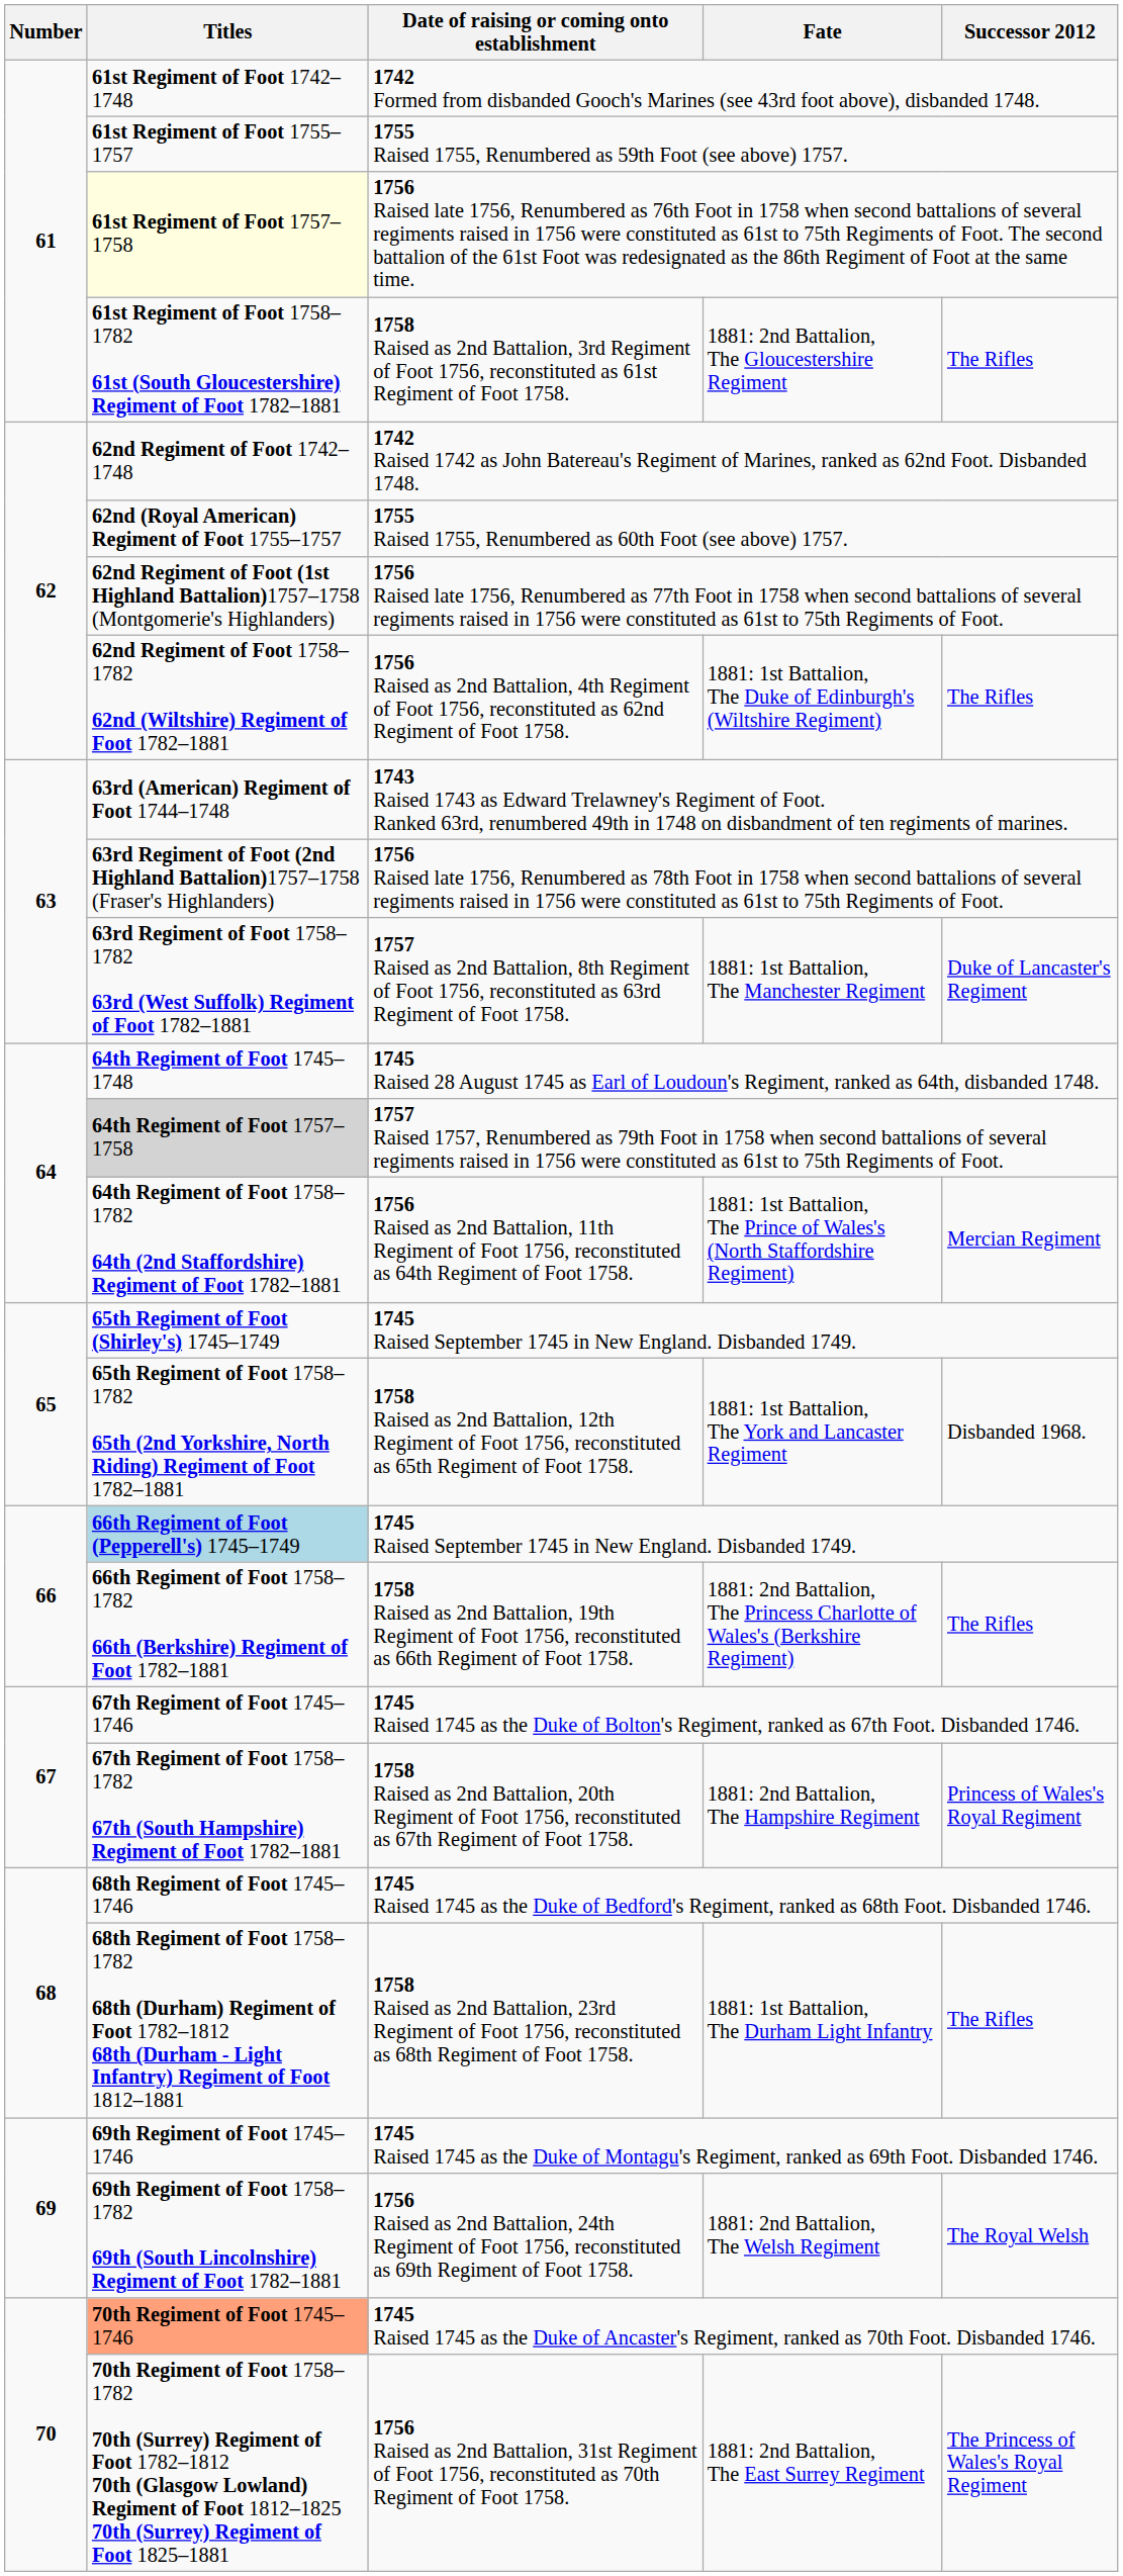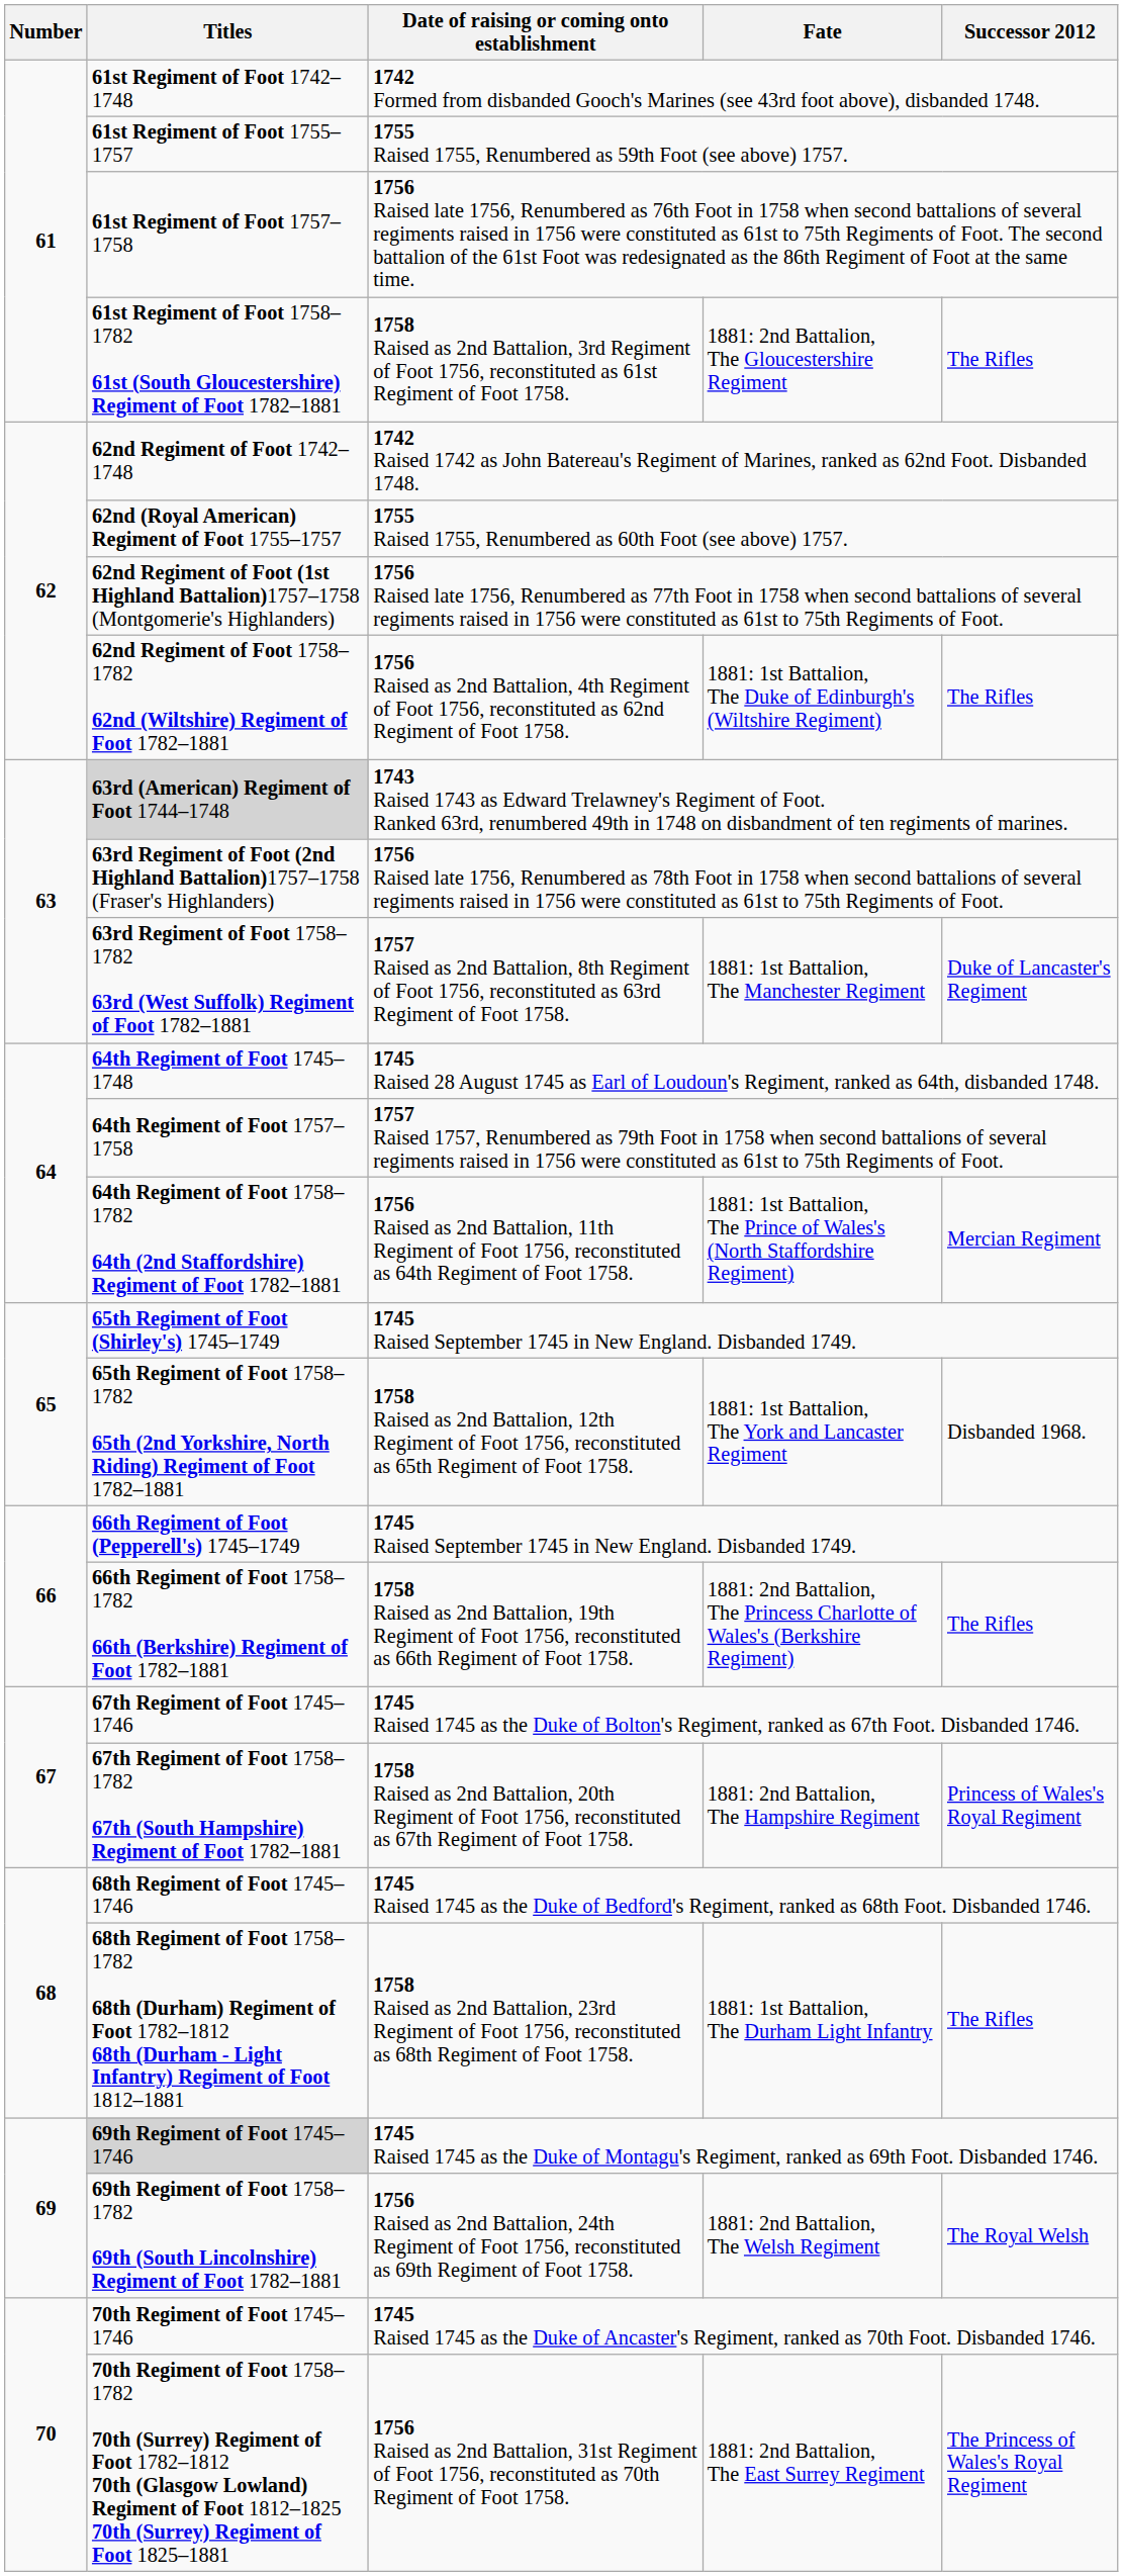 <table class="wikitable">
 <tr>
 <th>Number</th>
 <th>Titles</th>
 <th>Date of raising or coming onto establishment</th>
 <th>Fate</th>
 <th>Successor 2012</th>
 </tr>
 <tr>
 <td align=center valign=middle rowspan="4"><strong>61</strong></td>
 <td><strong>61st Regiment of Foot</strong> 1742–1748</td>
 <td colspan="3"><strong>1742</strong><br>Formed from disbanded Gooch's Marines (see 43rd foot above), disbanded 1748.</td>
 </tr>
 <tr>
 <td><strong>61st Regiment of Foot</strong> 1755–1757</td>
 <td colspan="3"><strong>1755</strong><br>Raised 1755, Renumbered as 59th Foot (see above) 1757.</td>
 </tr>
 <tr>
-<td style="background: lightyellow;"><strong>61st Regiment of Foot</strong> 1757–1758</td>
+<td><strong>61st Regiment of Foot</strong> 1757–1758</td>
 <td colspan="3"><strong>1756</strong><br>Raised late 1756, Renumbered as 76th Foot in 1758 when second battalions of several regiments raised in 1756 were constituted as 61st to 75th Regiments of Foot. The second battalion of the 61st Foot was redesignated as the 86th Regiment of Foot at the same time.</td>
 </tr>
 <tr>
 <td><strong>61st Regiment of Foot</strong> 1758–1782<br><br><strong><a href='#'>61st (South Gloucestershire) Regiment of Foot</a></strong> 1782–1881</td>
 <td><strong>1758</strong><br>Raised as 2nd Battalion, 3rd Regiment of Foot 1756, reconstituted as 61st Regiment of Foot 1758.</td>
 <td>1881: 2nd Battalion,<br>The <a href='#'>Gloucestershire Regiment</a></td>
 <td><a href='#'>The Rifles</a></td>
 </tr>
 <tr>
 <td align=center valign=middle rowspan="4"><strong>62</strong></td>
 <td><strong>62nd Regiment of Foot</strong> 1742–1748</td>
 <td colspan="3"><strong>1742</strong><br>Raised 1742 as John Batereau's Regiment of Marines, ranked as 62nd Foot. Disbanded 1748.</td>
 </tr>
 <tr>
 <td><strong>62nd (Royal American) Regiment of Foot</strong> 1755–1757</td>
 <td colspan="3"><strong>1755</strong><br>Raised 1755, Renumbered as 60th Foot (see above) 1757.</td>
 </tr>
 <tr>
 <td><strong>62nd Regiment of Foot (1st Highland Battalion)</strong>1757–1758 (Montgomerie's Highlanders)</td>
 <td colspan="3"><strong>1756</strong><br>Raised late 1756, Renumbered as 77th Foot in 1758 when second battalions of several regiments raised in 1756 were constituted as 61st to 75th Regiments of Foot.</td>
 </tr>
 <tr>
 <td><strong>62nd Regiment of Foot</strong> 1758–1782<br><br><strong><a href='#'>62nd (Wiltshire) Regiment of Foot</a></strong> 1782–1881</td>
 <td><strong>1756</strong><br>Raised as 2nd Battalion, 4th Regiment of Foot 1756, reconstituted as 62nd Regiment of Foot 1758.</td>
 <td>1881: 1st Battalion,<br>The <a href='#'>Duke of Edinburgh's (Wiltshire Regiment)</a></td>
 <td><a href='#'>The Rifles</a></td>
 </tr>
 <tr>
 <td align=center valign=middle rowspan="3"><strong>63</strong></td>
-<td><strong>63rd (American) Regiment of Foot</strong> 1744–1748</td>
+<td style="background: lightgrey;"><strong>63rd (American) Regiment of Foot</strong> 1744–1748</td>
 <td colspan="3"><strong>1743</strong><br>Raised 1743 as Edward Trelawney's Regiment of Foot.<br> Ranked 63rd, renumbered 49th in 1748 on disbandment of ten regiments of marines.</td>
 </tr>
 <tr>
 <td><strong>63rd Regiment of Foot (2nd Highland Battalion)</strong>1757–1758 (Fraser's Highlanders)</td>
 <td colspan="3"><strong>1756</strong><br>Raised late 1756, Renumbered as 78th Foot in 1758 when second battalions of several regiments raised in 1756 were constituted as 61st to 75th Regiments of Foot.</td>
 </tr>
 <tr>
 <td><strong>63rd Regiment of Foot</strong> 1758–1782<br><br><strong><a href='#'>63rd (West Suffolk) Regiment of Foot</a></strong> 1782–1881<br></td>
 <td><strong>1757</strong><br>Raised as 2nd Battalion, 8th Regiment of Foot 1756, reconstituted as 63rd Regiment of Foot 1758.</td>
 <td>1881: 1st Battalion,<br>The <a href='#'>Manchester Regiment</a></td>
 <td><a href='#'>Duke of Lancaster's Regiment</a></td>
 </tr>
 <tr>
 <td align=center valign=middle rowspan="3"><strong>64</strong></td>
 <td><strong><a href='#'>64th Regiment of Foot</a></strong> 1745–1748</td>
 <td colspan="3"><strong>1745</strong><br>Raised 28 August 1745 as <a href='#'>Earl of Loudoun</a>'s Regiment, ranked as 64th, disbanded 1748.</td>
 </tr>
 <tr>
-<td style="background: lightgrey;"><strong>64th Regiment of Foot</strong> 1757–1758</td>
+<td><strong>64th Regiment of Foot</strong> 1757–1758</td>
 <td colspan="3"><strong>1757</strong><br>Raised 1757, Renumbered as 79th Foot in 1758 when second battalions of several regiments raised in 1756 were constituted as 61st to 75th Regiments of Foot.</td>
 </tr>
 <tr>
 <td><strong>64th Regiment of Foot</strong> 1758–1782<br><br><strong><a href='#'>64th (2nd Staffordshire) Regiment of Foot</a></strong> 1782–1881</td>
 <td><strong>1756</strong><br>Raised as 2nd Battalion, 11th Regiment of Foot 1756, reconstituted as 64th Regiment of Foot 1758.</td>
 <td>1881: 1st Battalion,<br>The <a href='#'>Prince of Wales's (North Staffordshire Regiment)</a></td>
 <td><a href='#'>Mercian Regiment</a></td>
 </tr>
 <tr>
 <td align=center valign=middle rowspan="2"><strong>65</strong></td>
 <td><strong><a href='#'>65th Regiment of Foot (Shirley's)</a></strong> 1745–1749</td>
 <td colspan="3"><strong>1745</strong><br>Raised September 1745 in New England. Disbanded 1749.</td>
 </tr>
 <tr>
 <td><strong>65th Regiment of Foot </strong>1758–1782<br><br><strong><a href='#'>65th (2nd Yorkshire, North Riding) Regiment of Foot</a></strong> 1782–1881</td>
 <td><strong>1758</strong><br>Raised as 2nd Battalion, 12th Regiment of Foot 1756, reconstituted as 65th Regiment of Foot 1758.</td>
 <td>1881: 1st Battalion,<br>The <a href='#'>York and Lancaster Regiment</a></td>
 <td>Disbanded 1968.</td>
 </tr>
 <tr>
 <td align=center valign=middle rowspan="2"><strong>66</strong></td>
-<td style="background: lightblue;"><strong><a href='#'>66th Regiment of Foot (Pepperell's)</a></strong> 1745–1749</td>
+<td><strong><a href='#'>66th Regiment of Foot (Pepperell's)</a></strong> 1745–1749</td>
 <td colspan="3"><strong>1745</strong><br>Raised September 1745 in New England. Disbanded 1749.</td>
 </tr>
 <tr>
 <td><strong>66th Regiment of Foot </strong>1758–1782<br><br><strong><a href='#'>66th (Berkshire) Regiment of Foot</a></strong> 1782–1881</td>
 <td><strong>1758</strong><br>Raised as 2nd Battalion, 19th Regiment of Foot 1756, reconstituted as 66th Regiment of Foot 1758.</td>
 <td>1881: 2nd Battalion,<br>The <a href='#'>Princess Charlotte of Wales's (Berkshire Regiment)</a></td>
 <td><a href='#'>The Rifles</a></td>
 </tr>
 <tr>
 <td align=center valign=middle rowspan="2"><strong>67</strong></td>
 <td><strong>67th Regiment of Foot</strong> 1745–1746</td>
 <td colspan="3"><strong>1745</strong><br>Raised 1745 as the <a href='#'>Duke of Bolton</a>'s Regiment, ranked as 67th Foot. Disbanded 1746.</td>
 </tr>
 <tr>
 <td><strong>67th Regiment of Foot </strong>1758–1782<br><br><strong><a href='#'>67th (South Hampshire) Regiment of Foot</a></strong> 1782–1881</td>
 <td><strong>1758</strong><br>Raised as 2nd Battalion, 20th Regiment of Foot 1756, reconstituted as 67th Regiment of Foot 1758.</td>
 <td>1881: 2nd Battalion,<br>The <a href='#'>Hampshire Regiment</a></td>
 <td><a href='#'>Princess of Wales's Royal Regiment</a></td>
 </tr>
 <tr>
 <td align=center valign=middle rowspan="2"><strong>68</strong></td>
 <td><strong>68th Regiment of Foot</strong> 1745–1746</td>
 <td colspan="3"><strong>1745</strong><br>Raised 1745 as the <a href='#'>Duke of Bedford</a>'s Regiment, ranked as 68th Foot. Disbanded 1746.</td>
 </tr>
 <tr>
 <td><strong>68th Regiment of Foot </strong>1758–1782<br><br><strong>68th (Durham) Regiment of Foot</strong> 1782–1812<br> <strong><a href='#'>68th (Durham - Light Infantry) Regiment of Foot</a></strong> 1812–1881</td>
 <td><strong>1758</strong><br>Raised as 2nd Battalion, 23rd Regiment of Foot 1756, reconstituted as 68th Regiment of Foot 1758.</td>
 <td>1881: 1st Battalion,<br>The <a href='#'>Durham Light Infantry</a></td>
 <td><a href='#'>The Rifles</a></td>
 </tr>
 <tr>
 <td align=center valign=middle rowspan=2><strong>69</strong></td>
-<td><strong>69th Regiment of Foot</strong> 1745–1746</td>
+<td style="background: lightgrey;"><strong>69th Regiment of Foot</strong> 1745–1746</td>
 <td colspan=3><strong>1745</strong><br>Raised 1745 as the <a href='#'>Duke of Montagu</a>'s Regiment, ranked as 69th Foot. Disbanded 1746.</td>
 </tr>
 <tr>
 <td><strong>69th Regiment of Foot</strong> 1758–1782<br><br><strong><a href='#'>69th (South Lincolnshire) Regiment of Foot</a></strong> 1782–1881</td>
 <td><strong>1756</strong><br>Raised as 2nd Battalion, 24th Regiment of Foot 1756, reconstituted as 69th Regiment of Foot 1758.</td>
 <td>1881: 2nd Battalion,<br>The <a href='#'>Welsh Regiment</a></td>
 <td><a href='#'>The Royal Welsh</a></td>
 </tr>
 <tr>
 <td align=center valign=middle rowspan=2><strong>70</strong></td>
-<td style="background: lightsalmon;"><strong>70th Regiment of Foot</strong> 1745–1746</td>
+<td><strong>70th Regiment of Foot</strong> 1745–1746</td>
 <td colspan=3><strong>1745</strong><br>Raised 1745 as the <a href='#'>Duke of Ancaster</a>'s Regiment, ranked as 70th Foot. Disbanded 1746.</td>
 </tr>
 <tr>
 <td><strong>70th Regiment of Foot</strong> 1758–1782<br><br><strong>70th (Surrey) Regiment of Foot</strong> 1782–1812<br> <strong>70th (Glasgow Lowland) Regiment of Foot</strong> 1812–1825<br> <strong><a href='#'>70th (Surrey) Regiment of Foot</a></strong> 1825–1881</td>
 <td><strong>1756</strong><br>Raised as 2nd Battalion, 31st Regiment of Foot 1756, reconstituted as 70th Regiment of Foot 1758.</td>
 <td>1881: 2nd Battalion,<br>The <a href='#'>East Surrey Regiment</a></td>
 <td><a href='#'>The Princess of Wales's Royal Regiment</a></td>
 </tr>
 </table>
